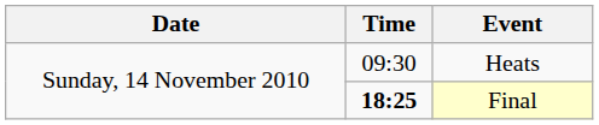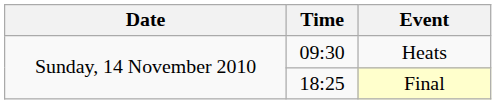 <table class = "wikitable" style="text-align:center;">
 <tr>
 <th width=220>Date</th>
 <th width=50>Time</th>
 <th width=100>Event</th>
 </tr>
 <tr>
 <td rowspan=2>Sunday, 14 November 2010</td>
 <td>09:30</td>
 <td>Heats</td>
 </tr>
 <tr>
-<td><strong>18:25</strong></td>
+<td>18:25</td>
 <td bgcolor=ffffcc>Final</td>
 </tr>
 </table>
